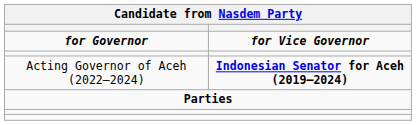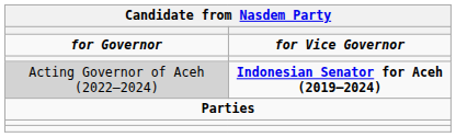 <table class="wikitable" style="font-size:90%; text-align:center;">
 <tr>
 <td colspan=2 style="background:#f1f1f1;"><strong>Candidate from <a href='#'>Nasdem Party</a></strong></td>
 </tr>
 <tr>
 <th style="width:3em; font-size:135%; background:#"><a href='#'></a></th>
 <th style="width:3em; font-size:135%; background:#"></th>
 </tr>
 <tr style="color:#000; font-size:100%; background:#">
 <td style="width:3em; width:200px;"><strong><em>for Governor</em></strong></td>
 <td style="width:3em; width:200px;"><strong><em>for Vice Governor</em></strong></td>
 </tr>
 <tr>
 <td></td>
 <td></td>
 </tr>
 <tr>
-<td>Acting Governor of Aceh (2022–2024)</td>
+<td style="background: lightgrey;">Acting Governor of Aceh (2022–2024)</td>
 <td><strong><a href='#'>Indonesian Senator</a> for Aceh (2019–2024)</strong></td>
 </tr>
 <tr>
 <td colspan=2 style="background:#"><strong>Parties</strong></td>
 </tr>
 <tr>
 <td colspan=2></td>
 </tr>
 <tr>
 <td colspan=2></td>
 </tr>
 </table>
